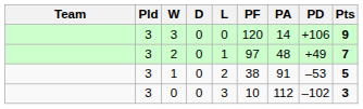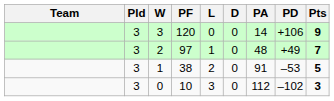 <table class="wikitable" style="text-align:center;">
 <tr>
 <th width="160">Team</th>
 <th width="25" abbr="Played">Pld</th>
 <th width="25" abbr="Won">W</th>
+<th width="32" abbr="Points for">PF</th>
+<th width="25" abbr="Lost">L</th>
 <th width="25" abbr="Drawn">D</th>
-<th width="25" abbr="Lost">L</th>
-<th width="32" abbr="Points for">PF</th>
 <th width="32" abbr="Points against">PA</th>
 <th width="32" abbr="Points difference">PD</th>
 <th width="25" abbr="Points">Pts</th>
 </tr>
 <tr bgcolor="ccffcc">
 <td align="left"></td>
 <td>3</td>
 <td>3</td>
+<td>120</td>
 <td>0</td>
 <td>0</td>
-<td>120</td>
 <td>14</td>
 <td>+106</td>
 <td><strong>9</strong></td>
 </tr>
 <tr bgcolor="ccffcc">
 <td align="left"></td>
 <td>3</td>
 <td>2</td>
+<td>97</td>
+<td>1</td>
 <td>0</td>
-<td>1</td>
-<td>97</td>
 <td>48</td>
 <td>+49</td>
 <td><strong>7</strong></td>
 </tr>
 <tr>
 <td align="left"></td>
 <td>3</td>
 <td>1</td>
+<td>38</td>
+<td>2</td>
 <td>0</td>
-<td>2</td>
-<td>38</td>
 <td>91</td>
 <td>–53</td>
 <td><strong>5</strong></td>
 </tr>
 <tr>
 <td align="left"></td>
 <td>3</td>
 <td>0</td>
+<td>10</td>
+<td>3</td>
 <td>0</td>
-<td>3</td>
-<td>10</td>
 <td>112</td>
 <td>–102</td>
 <td><strong>3</strong></td>
 </tr>
 </table>
